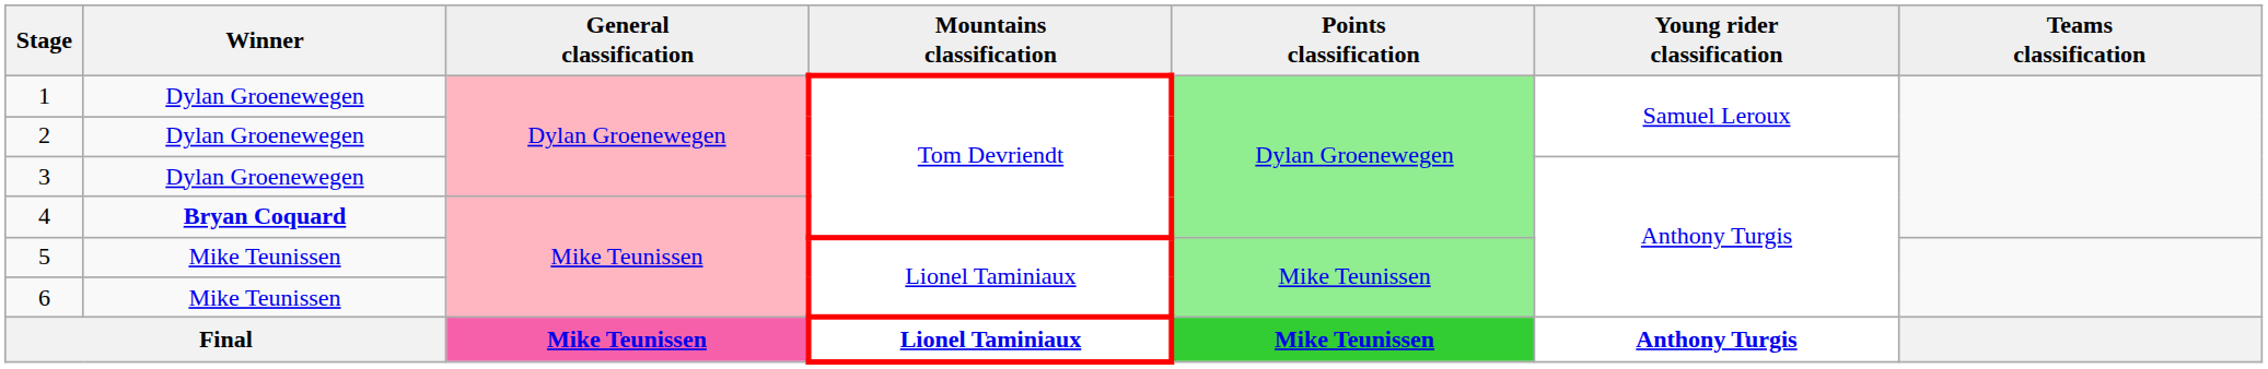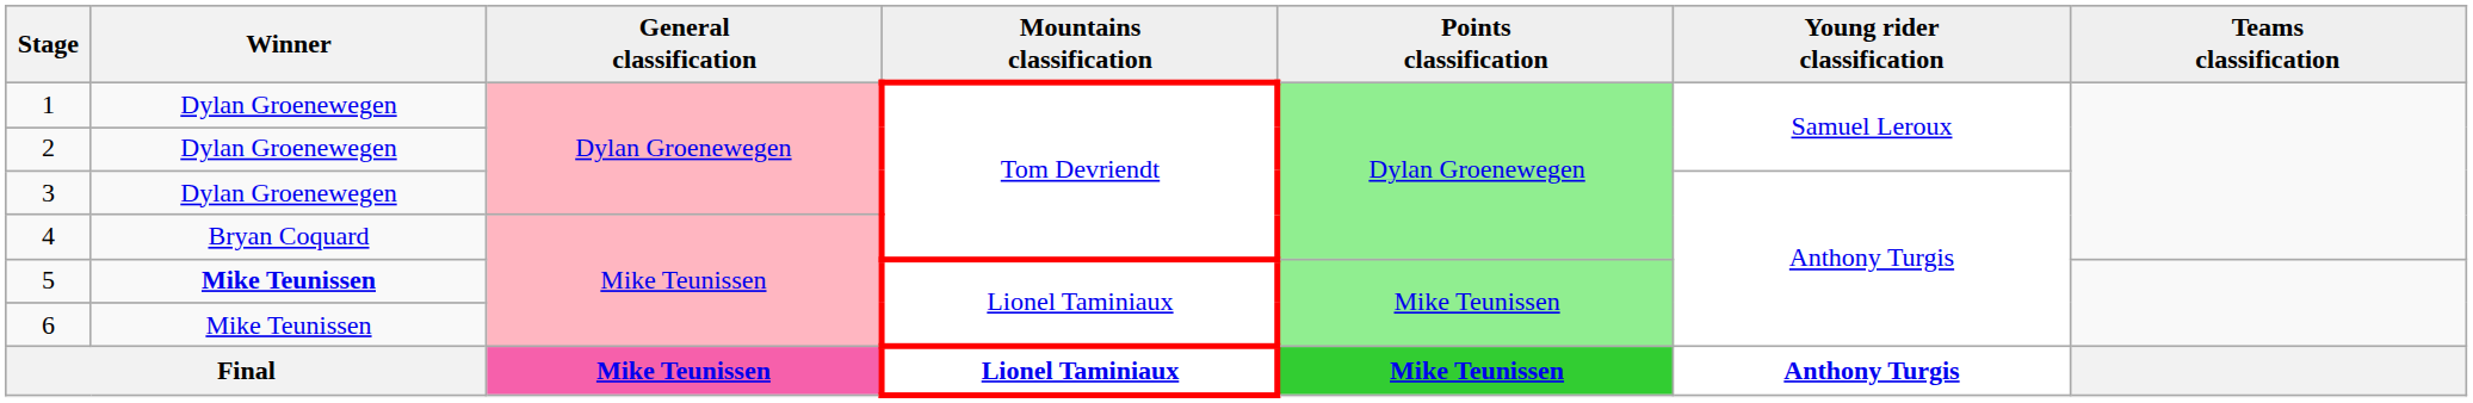 <table class="wikitable" style="text-align: center; font-size:smaller;">
 <tr style="background:#efefef;">
 <th style="width:1%;">Stage</th>
 <th style="width:11%;">Winner</th>
 <th style="background:#efefef; width:11%;">General<br>classification<br></th>
 <th style="background:#efefef; width:11%;">Mountains<br>classification<br></th>
 <th style="background:#efefef; width:11%;">Points<br>classification<br></th>
 <th style="background:#efefef; width:11%;">Young rider<br>classification<br></th>
 <th style="background:#efefef; width:11%;">Teams<br>classification<br></th>
 </tr>
 <tr>
 <td>1</td>
 <td><a href='#'>Dylan Groenewegen</a></td>
 <td style="background:lightpink;" rowspan="3"><a href='#'>Dylan Groenewegen</a></td>
 <td style="background:white;border-color: red; border-width: 3px;"  rowspan="4"><a href='#'>Tom Devriendt</a></td>
 <td style="background:lightgreen;" rowspan="4"><a href='#'>Dylan Groenewegen</a></td>
 <td style="background:white;" rowspan="2"><a href='#'>Samuel Leroux</a></td>
 <td rowspan="4"></td>
 </tr>
 <tr>
 <td>2</td>
 <td><a href='#'>Dylan Groenewegen</a></td>
 </tr>
 <tr>
 <td>3</td>
 <td><a href='#'>Dylan Groenewegen</a></td>
 <td style="background:white;" rowspan="4"><a href='#'>Anthony Turgis</a></td>
 </tr>
 <tr>
 <td>4</td>
-<td><strong><a href='#'>Bryan Coquard</a></strong></td>
+<td><a href='#'>Bryan Coquard</a></td>
 <td style="background:lightpink;" rowspan="3"><a href='#'>Mike Teunissen</a></td>
 </tr>
 <tr>
 <td>5</td>
-<td><a href='#'>Mike Teunissen</a></td>
+<td><strong><a href='#'>Mike Teunissen</a></strong></td>
 <td style="background:white;border-color: red; border-width: 3px;"  rowspan="2"><a href='#'>Lionel Taminiaux</a></td>
 <td style="background:lightgreen;" rowspan="2"><a href='#'>Mike Teunissen</a></td>
 <td rowspan="2"></td>
 </tr>
 <tr>
 <td>6</td>
 <td><a href='#'>Mike Teunissen</a></td>
 </tr>
 <tr>
 <th colspan=2><strong>Final</strong></th>
 <th style="background:#F660AB;"><a href='#'>Mike Teunissen</a></th>
 <th style="background:white; border-color: red; border-width: 3px;"><a href='#'>Lionel Taminiaux</a></th>
 <th style="background:limegreen;"><a href='#'>Mike Teunissen</a></th>
 <th style="background:white;"><a href='#'>Anthony Turgis</a></th>
 <th style="background:offwhite;"></th>
 </tr>
 </table>
